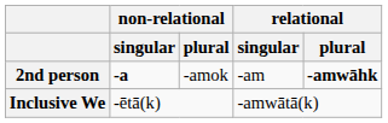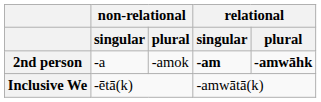 <table class="wikitable">
 <tr>
 <th></th>
 <th colspan=2>non-relational</th>
 <th colspan=2>relational</th>
 </tr>
 <tr>
 <th></th>
 <th>singular</th>
 <th>plural</th>
 <th>singular</th>
 <th>plural</th>
 </tr>
 <tr>
 <th>2nd person</th>
-<td><strong>-a</strong></td>
+<td>-a</td>
 <td>-amok</td>
-<td>-am</td>
+<td><strong>-am</strong></td>
 <td><strong>-amwāhk</strong></td>
 </tr>
 <tr>
 <th>Inclusive We</th>
 <td colspan=2>-ētā(k)</td>
 <td colspan=2>-amwātā(k)</td>
 </tr>
 </table>
